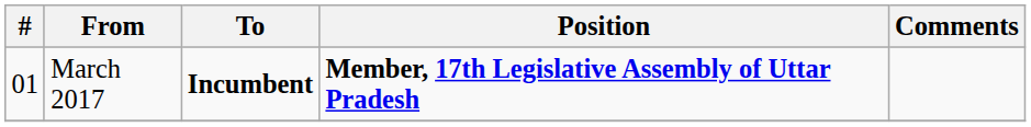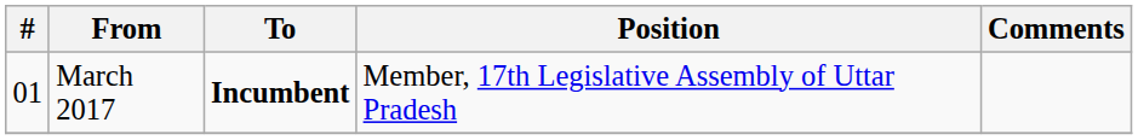 <table class="wikitable sortable">
 <tr>
 <th>#</th>
 <th>From</th>
 <th>To</th>
 <th>Position</th>
 <th>Comments</th>
 </tr>
 <tr>
 <td>01</td>
 <td>March 2017</td>
 <td><strong>Incumbent</strong></td>
-<td><strong>Member, <a href='#'>17th Legislative Assembly of Uttar Pradesh</a></strong></td>
+<td>Member, <a href='#'>17th Legislative Assembly of Uttar Pradesh</a></td>
 <td></td>
 </tr>
 <tr>
 </tr>
 </table>
